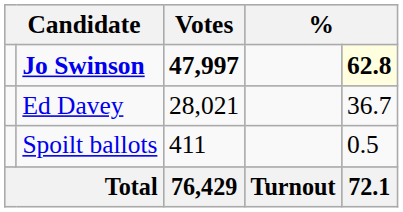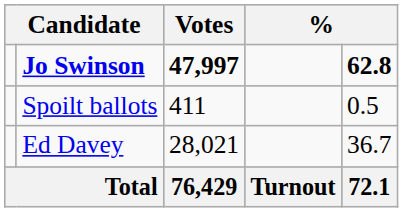 <table class="wikitable plainrowheaders">
 <tr>
 <th colspan="2">Candidate</th>
 <th>Votes</th>
 <th colspan="2">%</th>
 </tr>
 <tr>
 <td style="color:inherit;background:"></td>
 <td> <strong><a href='#'>Jo Swinson</a></strong></td>
 <td><strong>47,997</strong></td>
 <td></td>
-<td style="background: lightyellow;"><strong>62.8</strong></td>
+<td><strong>62.8</strong></td>
+</tr>
+<tr>
+<td style="color:inherit;background:"></td>
+<td><a href='#'>Spoilt ballots</a></td>
+<td>411</td>
+<td></td>
+<td>0.5</td>
 </tr>
 <tr>
 <td style="color:inherit;background:"></td>
 <td><a href='#'>Ed Davey</a></td>
 <td>28,021</td>
 <td></td>
 <td>36.7</td>
 </tr>
 <tr>
-<td style="color:inherit;background:"></td>
-<td><a href='#'>Spoilt ballots</a></td>
-<td>411</td>
-<td></td>
-<td>0.5</td>
-</tr>
-<tr>
 <th style="font-size:95%; text-align:right;" colspan="2">Total</th>
 <th style="font-size:95%;">76,429</th>
 <th style="font-size:95%; text-align:right;">Turnout</th>
 <th style="font-size:95%;">72.1</th>
 </tr>
 </table>
